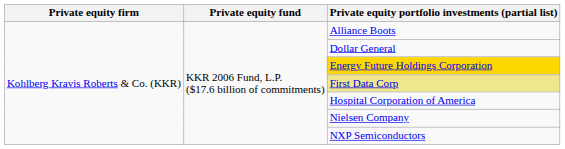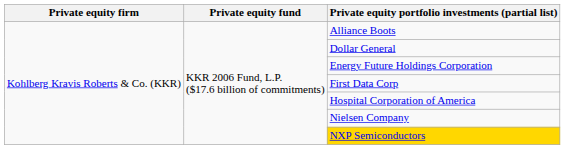 <table class="wikitable">
 <tr>
 <th>Private equity firm</th>
 <th>Private equity fund</th>
 <th>Private equity portfolio investments (partial list)</th>
 </tr>
 <tr>
 <td rowspan="7"><a href='#'>Kohlberg Kravis Roberts</a> & Co. (KKR)</td>
 <td rowspan="7">KKR 2006 Fund, L.P. <br>($17.6 billion of commitments)</td>
 <td><a href='#'>Alliance Boots</a></td>
 </tr>
 <tr>
 <td><a href='#'>Dollar General</a></td>
 </tr>
 <tr>
-<td style="background: gold;"><a href='#'>Energy Future Holdings Corporation</a></td>
+<td><a href='#'>Energy Future Holdings Corporation</a></td>
 </tr>
 <tr>
-<td style="background: khaki;"><a href='#'>First Data Corp</a></td>
+<td><a href='#'>First Data Corp</a></td>
 </tr>
 <tr>
 <td><a href='#'>Hospital Corporation of America</a></td>
 </tr>
 <tr>
 <td><a href='#'>Nielsen Company</a></td>
 </tr>
 <tr>
-<td><a href='#'>NXP Semiconductors</a></td>
+<td style="background: gold;"><a href='#'>NXP Semiconductors</a></td>
 </tr>
 </table>
